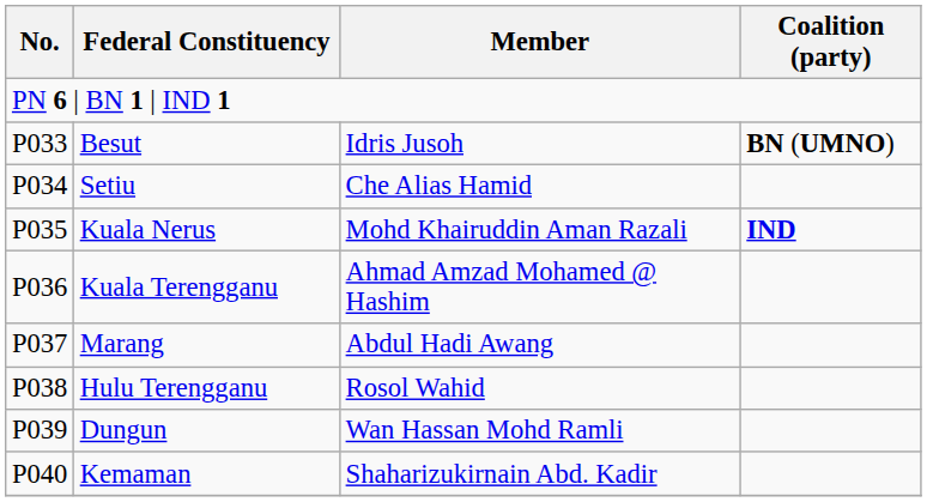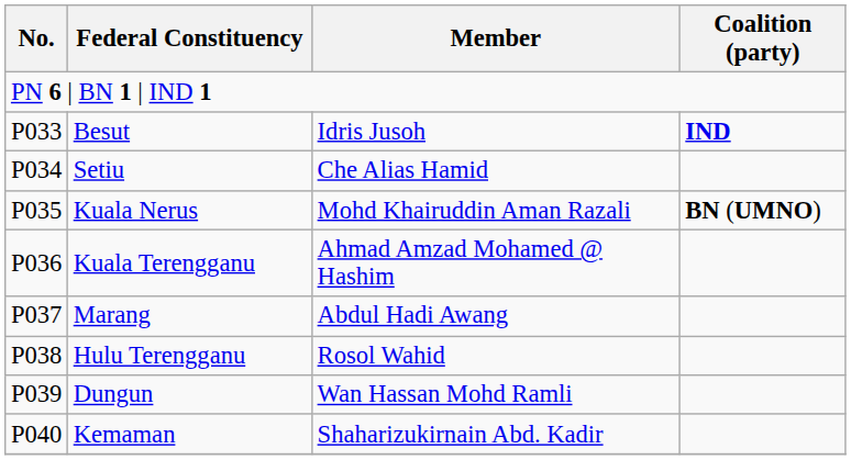 <table class="wikitable sortable">
 <tr>
 <th style="width:30px;">No.</th>
 <th style="width:150px;">Federal Constituency</th>
 <th style="width:230px;">Member</th>
 <th style="width:100px;">Coalition (party)</th>
 </tr>
 <tr>
 <td colspan="4"><a href='#'>PN</a> <strong>6</strong> | <a href='#'>BN</a> <strong>1</strong> | <a href='#'>IND</a> <strong>1</strong></td>
 </tr>
 <tr>
 <td>P033</td>
 <td><a href='#'>Besut</a></td>
 <td><a href='#'>Idris Jusoh</a></td>
-<td><strong>BN</strong> (<strong>UMNO</strong>)</td>
+<td><strong><a href='#'>IND</a></strong></td>
 </tr>
 <tr>
 <td>P034</td>
 <td><a href='#'>Setiu</a></td>
 <td><a href='#'>Che Alias Hamid</a></td>
 <td></td>
 </tr>
 <tr>
 <td>P035</td>
 <td><a href='#'>Kuala Nerus</a></td>
 <td><a href='#'>Mohd Khairuddin Aman Razali</a></td>
-<td><strong><a href='#'>IND</a></strong></td>
+<td><strong>BN</strong> (<strong>UMNO</strong>)</td>
 </tr>
 <tr>
 <td>P036</td>
 <td><a href='#'>Kuala Terengganu</a></td>
 <td><a href='#'>Ahmad Amzad Mohamed @ Hashim</a></td>
 <td></td>
 </tr>
 <tr>
 <td>P037</td>
 <td><a href='#'>Marang</a></td>
 <td><a href='#'>Abdul Hadi Awang</a></td>
 <td></td>
 </tr>
 <tr>
 <td>P038</td>
 <td><a href='#'>Hulu Terengganu</a></td>
 <td><a href='#'>Rosol Wahid</a></td>
 <td></td>
 </tr>
 <tr>
 <td>P039</td>
 <td><a href='#'>Dungun</a></td>
 <td><a href='#'>Wan Hassan Mohd Ramli</a></td>
 <td></td>
 </tr>
 <tr>
 <td>P040</td>
 <td><a href='#'>Kemaman</a></td>
 <td><a href='#'>Shaharizukirnain Abd. Kadir</a></td>
 <td></td>
 </tr>
 <tr>
 </tr>
 </table>
